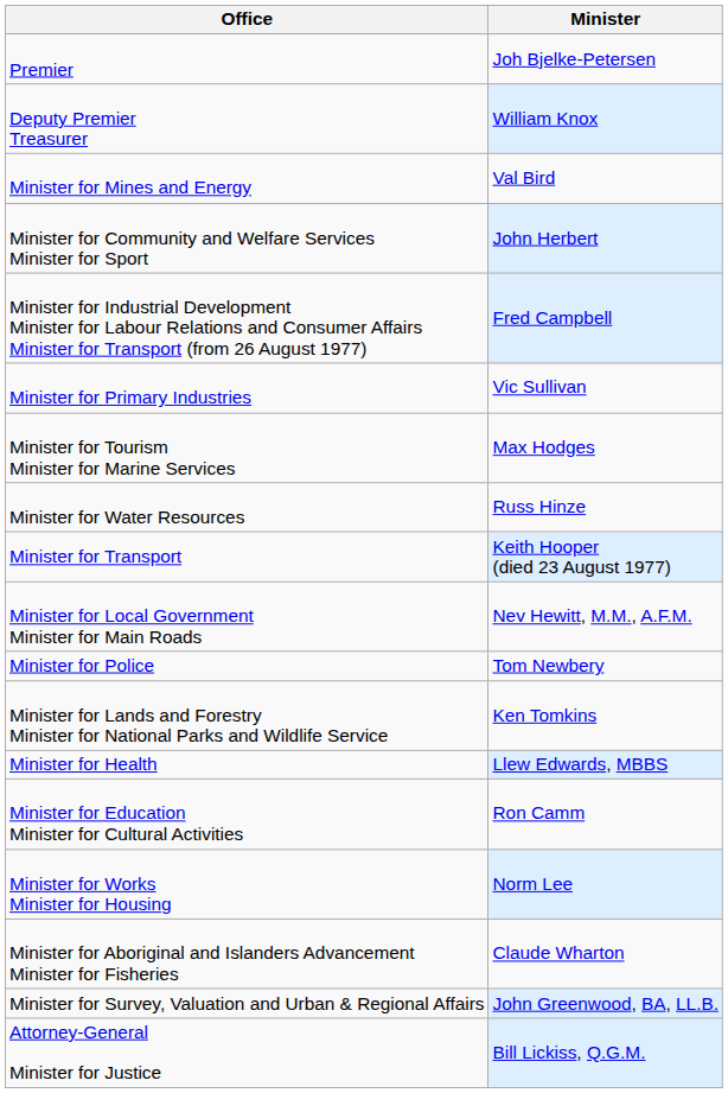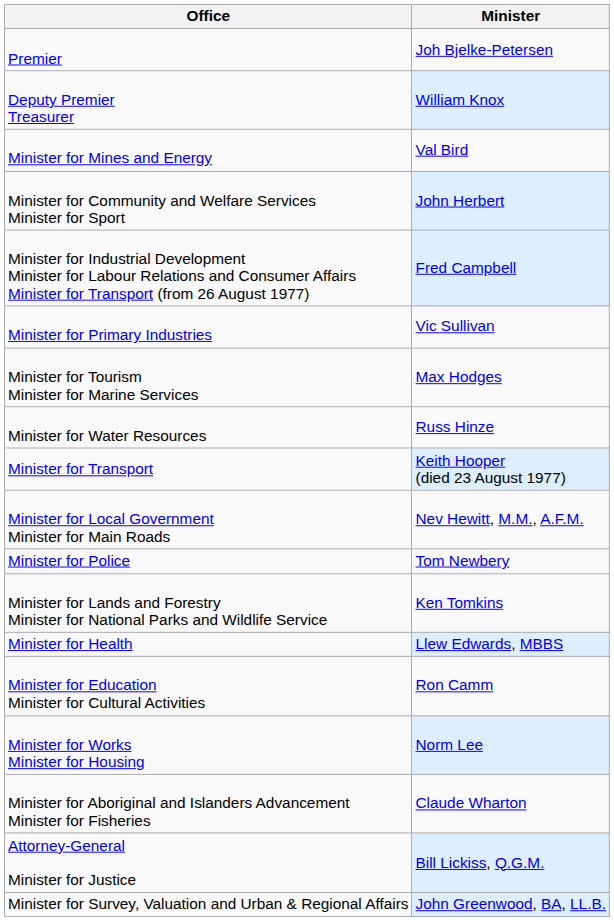 <table class="wikitable">
 <tr>
 <th>Office</th>
 <th>Minister</th>
 </tr>
 <tr>
 <td><br><a href='#'>Premier</a></td>
 <td><a href='#'>Joh Bjelke-Petersen</a></td>
 </tr>
 <tr>
 <td><br><a href='#'>Deputy Premier</a><br> <a href='#'>Treasurer</a></td>
 <td style="background:#DDEEFF"><a href='#'>William Knox</a></td>
 </tr>
 <tr>
 <td><br><a href='#'>Minister for Mines and Energy</a></td>
 <td><a href='#'>Val Bird</a></td>
 </tr>
 <tr>
 <td><br>Minister for Community and Welfare Services<br> Minister for Sport</td>
 <td style="background:#DDEEFF"><a href='#'>John Herbert</a></td>
 </tr>
 <tr>
 <td><br>Minister for Industrial Development<br> Minister for Labour Relations and Consumer Affairs<br> <a href='#'>Minister for Transport</a> (from 26 August 1977)</td>
 <td style="background:#DDEEFF"><a href='#'>Fred Campbell</a></td>
 </tr>
 <tr>
 <td><br><a href='#'>Minister for Primary Industries</a><br></td>
 <td><a href='#'>Vic Sullivan</a></td>
 </tr>
 <tr>
 <td><br>Minister for Tourism<br> Minister for Marine Services</td>
 <td><a href='#'>Max Hodges</a></td>
 </tr>
 <tr>
 <td><br>Minister for Water Resources</td>
 <td><a href='#'>Russ Hinze</a></td>
 </tr>
 <tr>
 <td><a href='#'>Minister for Transport</a></td>
 <td style="background:#DDEEFF"><a href='#'>Keith Hooper</a><br>(died 23 August 1977)</td>
 </tr>
 <tr>
 <td><br><a href='#'>Minister for Local Government</a><br> Minister for Main Roads</td>
 <td><a href='#'>Nev Hewitt</a>, <a href='#'>M.M.</a>, <a href='#'>A.F.M.</a></td>
 </tr>
 <tr>
 <td><a href='#'>Minister for Police</a></td>
 <td><a href='#'>Tom Newbery</a></td>
 </tr>
 <tr>
 <td><br>Minister for Lands and Forestry<br> Minister for National Parks and Wildlife Service</td>
 <td><a href='#'>Ken Tomkins</a></td>
 </tr>
 <tr>
 <td><a href='#'>Minister for Health</a></td>
 <td style="background:#DDEEFF"><a href='#'>Llew Edwards</a>, <a href='#'>MBBS</a></td>
 </tr>
 <tr>
 <td><br><a href='#'>Minister for Education</a><br> Minister for Cultural Activities<br></td>
 <td><a href='#'>Ron Camm</a></td>
 </tr>
 <tr>
 <td><br><a href='#'>Minister for Works</a><br> <a href='#'>Minister for Housing</a></td>
 <td style="background:#DDEEFF"><a href='#'>Norm Lee</a></td>
 </tr>
 <tr>
 <td><br>Minister for Aboriginal and Islanders Advancement<br> Minister for Fisheries</td>
 <td><a href='#'>Claude Wharton</a></td>
 </tr>
 <tr>
+<td><a href='#'>Attorney-General</a><br><br>Minister for Justice</td>
+<td style="background:#DDEEFF"><a href='#'>Bill Lickiss</a>, <a href='#'>Q.G.M.</a></td>
+</tr>
+<tr>
 <td>Minister for Survey, Valuation and Urban & Regional Affairs</td>
 <td style="background:#DDEEFF"><a href='#'>John Greenwood</a>, <a href='#'>BA</a>, <a href='#'>LL.B.</a></td>
 </tr>
-<tr>
-<td><a href='#'>Attorney-General</a><br><br>Minister for Justice</td>
-<td style="background:#DDEEFF"><a href='#'>Bill Lickiss</a>, <a href='#'>Q.G.M.</a></td>
-</tr>
 </table>
